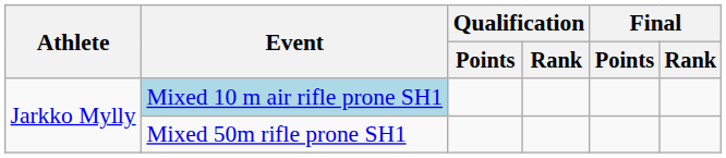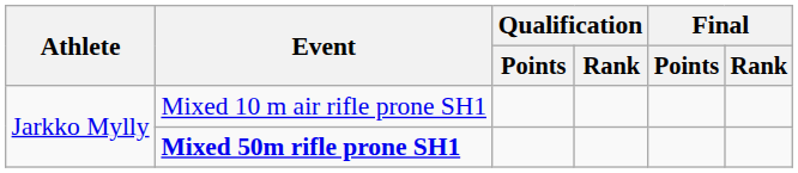 <table class=wikitable style}"font-size:90%">
 <tr align=center>
 <th rowspan="2">Athlete</th>
 <th rowspan="2">Event</th>
 <th colspan="2">Qualification</th>
 <th colspan="2">Final</th>
 </tr>
 <tr style="font-size:95%">
 <th>Points</th>
 <th>Rank</th>
 <th>Points</th>
 <th>Rank</th>
 </tr>
 <tr align=center>
 <td rowspan="2" align=left><a href='#'>Jarkko Mylly</a></td>
-<td align=left style="background: lightblue;"><a href='#'>Mixed 10 m air rifle prone SH1</a></td>
+<td align=left><a href='#'>Mixed 10 m air rifle prone SH1</a></td>
 <td></td>
 <td></td>
 <td></td>
 <td></td>
 </tr>
 <tr align=center>
-<td align=left><a href='#'>Mixed 50m rifle prone SH1</a></td>
+<td align=left><strong><a href='#'>Mixed 50m rifle prone SH1</a></strong></td>
 <td></td>
 <td></td>
 <td></td>
 <td></td>
 </tr>
 </table>
